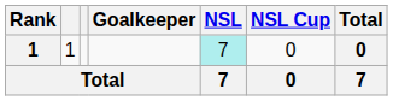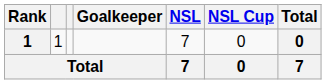 <table class="wikitable sortable" style="text-align:center">
 <tr>
 <th>Rank</th>
 <th></th>
 <th></th>
 <th>Goalkeeper</th>
 <th><a href='#'>NSL</a></th>
 <th><a href='#'>NSL Cup</a></th>
 <th>Total</th>
 </tr>
 <tr>
 <th>1</th>
 <td>1</td>
 <td></td>
 <td align="left"></td>
-<td style="background: paleturquoise;">7</td>
+<td>7</td>
 <td>0</td>
 <th>0</th>
 </tr>
 <tr>
 <th colspan="4">Total</th>
 <th>7</th>
 <th>0</th>
 <th>7</th>
 </tr>
 </table>
